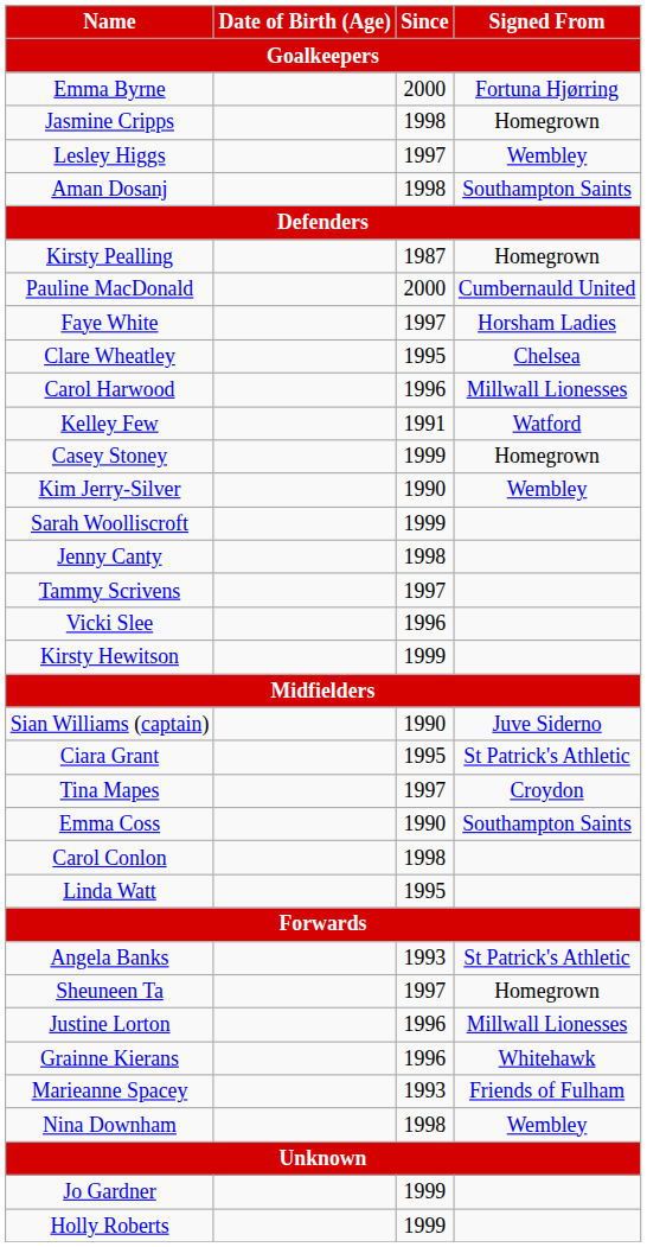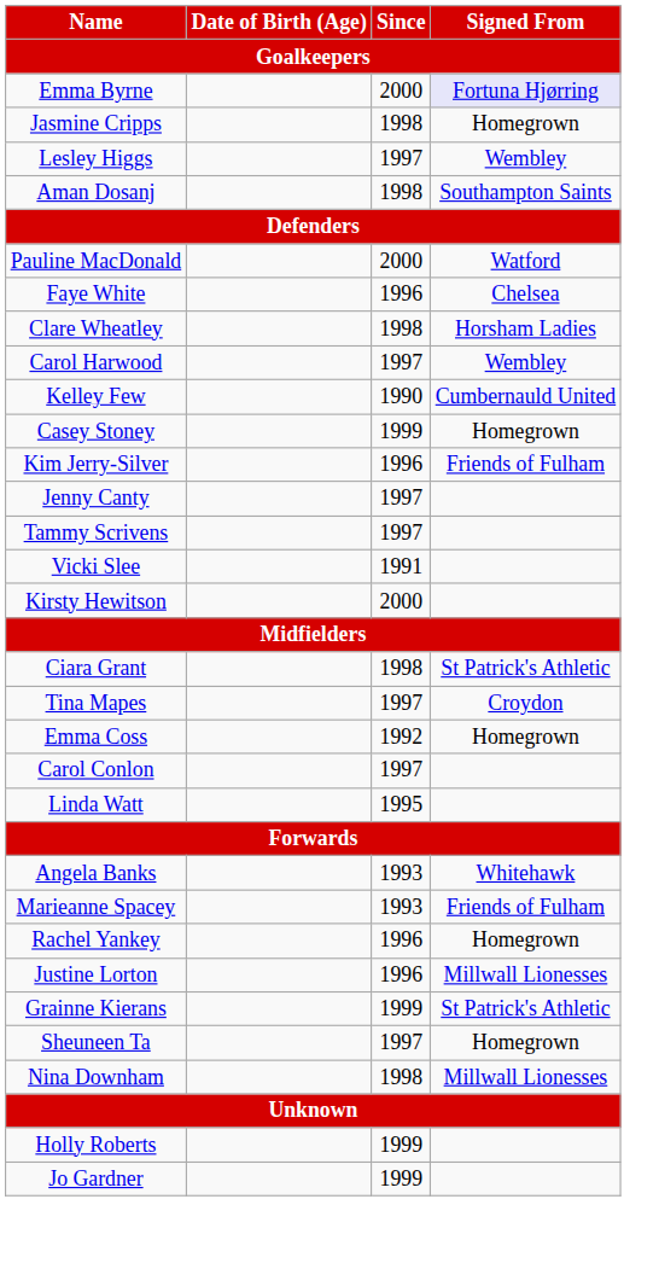 <table class="wikitable" style="text-align:center; font-size:100%; ">
 <tr>
 <th style="background:#d50000; color:white; text-align:center;">Name</th>
 <th style="background:#d50000; color:white; text-align:center;">Date of Birth (Age)</th>
 <th style="background:#d50000; color:white; text-align:center;">Since</th>
 <th style="background:#d50000; color:white; text-align:center;">Signed From</th>
 </tr>
 <tr>
 <th style="background:#d50000; color:white; text-align:center;" colspan="4">Goalkeepers</th>
 </tr>
 <tr>
 <td> <a href='#'>Emma Byrne</a></td>
 <td></td>
 <td>2000</td>
-<td> <a href='#'>Fortuna Hjørring</a></td>
+<td style="background: lavender;"> <a href='#'>Fortuna Hjørring</a></td>
 </tr>
 <tr>
 <td> <a href='#'>Jasmine Cripps</a></td>
 <td></td>
 <td>1998</td>
 <td>Homegrown</td>
 </tr>
 <tr>
 <td> <a href='#'>Lesley Higgs</a></td>
 <td></td>
 <td>1997</td>
 <td> <a href='#'>Wembley</a></td>
 </tr>
 <tr>
 <td> <a href='#'>Aman Dosanj</a></td>
 <td></td>
 <td>1998</td>
 <td><em></em> <a href='#'>Southampton Saints</a></td>
 </tr>
 <tr>
 <th style="background:#d50000; color:white; text-align:center;" colspan="4">Defenders</th>
 </tr>
 <tr>
-<td> <a href='#'>Kirsty Pealling</a></td>
-<td></td>
-<td>1987</td>
-<td>Homegrown</td>
-</tr>
-<tr>
 <td> <a href='#'>Pauline MacDonald</a></td>
 <td></td>
 <td>2000</td>
-<td> <a href='#'>Cumbernauld United</a></td>
+<td> <a href='#'>Watford</a></td>
 </tr>
 <tr>
 <td> <a href='#'>Faye White</a></td>
 <td></td>
-<td>1997</td>
-<td> <a href='#'>Horsham Ladies</a></td>
+<td>1996</td>
+<td> <a href='#'>Chelsea</a></td>
 </tr>
 <tr>
 <td> <a href='#'>Clare Wheatley</a></td>
 <td></td>
-<td>1995</td>
-<td> <a href='#'>Chelsea</a></td>
+<td>1998</td>
+<td> <a href='#'>Horsham Ladies</a></td>
 </tr>
 <tr>
 <td> <a href='#'>Carol Harwood</a></td>
 <td></td>
-<td>1996</td>
-<td><em></em> <a href='#'>Millwall Lionesses</a></td>
+<td>1997</td>
+<td> <a href='#'>Wembley</a></td>
 </tr>
 <tr>
 <td> <a href='#'>Kelley Few</a></td>
 <td></td>
-<td>1991</td>
-<td> <a href='#'>Watford</a></td>
+<td>1990</td>
+<td> <a href='#'>Cumbernauld United</a></td>
 </tr>
 <tr>
 <td> <a href='#'>Casey Stoney</a></td>
 <td></td>
 <td>1999</td>
 <td>Homegrown</td>
 </tr>
 <tr>
 <td> <a href='#'>Kim Jerry-Silver</a></td>
 <td></td>
-<td>1990</td>
-<td> <a href='#'>Wembley</a></td>
-</tr>
-<tr>
-<td> <a href='#'>Sarah Woolliscroft</a></td>
-<td></td>
-<td>1999</td>
-<td></td>
+<td>1996</td>
+<td><em></em> <a href='#'>Friends of Fulham</a></td>
 </tr>
 <tr>
 <td> <a href='#'>Jenny Canty</a></td>
 <td></td>
-<td>1998</td>
+<td>1997</td>
 <td></td>
 </tr>
 <tr>
 <td> <a href='#'>Tammy Scrivens</a></td>
 <td></td>
 <td>1997</td>
 <td></td>
 </tr>
 <tr>
 <td> <a href='#'>Vicki Slee</a></td>
 <td></td>
-<td>1996</td>
+<td>1991</td>
 <td></td>
 </tr>
 <tr>
 <td><a href='#'>Kirsty Hewitson</a></td>
 <td></td>
-<td>1999</td>
+<td>2000</td>
 <td></td>
 </tr>
 <tr>
 <th style="background:#d50000; color:white; text-align:center;" colspan="4">Midfielders</th>
 </tr>
 <tr>
-<td> <a href='#'>Sian Williams</a> (<a href='#'>captain</a>)</td>
-<td></td>
-<td>1990</td>
-<td> <a href='#'>Juve Siderno</a></td>
-</tr>
-<tr>
 <td> <a href='#'>Ciara Grant</a></td>
 <td></td>
-<td>1995</td>
+<td>1998</td>
 <td> <a href='#'>St Patrick's Athletic</a></td>
 </tr>
 <tr>
 <td> <a href='#'>Tina Mapes</a></td>
 <td></td>
 <td>1997</td>
 <td><em></em> <a href='#'>Croydon</a></td>
 </tr>
 <tr>
 <td> <a href='#'>Emma Coss</a></td>
 <td></td>
-<td>1990</td>
-<td><em></em> <a href='#'>Southampton Saints</a></td>
+<td>1992</td>
+<td>Homegrown</td>
 </tr>
 <tr>
 <td> <a href='#'>Carol Conlon</a></td>
 <td></td>
-<td>1998</td>
+<td>1997</td>
 <td></td>
 </tr>
 <tr>
 <td> <a href='#'>Linda Watt</a></td>
 <td></td>
 <td>1995</td>
 <td></td>
 </tr>
 <tr>
 <th style="background:#d50000; color:white; text-align:center;" colspan="4">Forwards</th>
 </tr>
 <tr>
 <td> <a href='#'>Angela Banks</a></td>
 <td></td>
 <td>1993</td>
-<td> <a href='#'>St Patrick's Athletic</a></td>
+<td><em></em> <a href='#'>Whitehawk</a></td>
 </tr>
 <tr>
-<td> <a href='#'>Sheuneen Ta</a></td>
+<td> <a href='#'>Marieanne Spacey</a></td>
 <td></td>
-<td>1997</td>
+<td>1993</td>
+<td><em></em> <a href='#'>Friends of Fulham</a></td>
+</tr>
+<tr>
+<td> <a href='#'>Rachel Yankey</a></td>
+<td></td>
+<td>1996</td>
 <td>Homegrown</td>
 </tr>
 <tr>
 <td> <a href='#'>Justine Lorton</a></td>
 <td></td>
 <td>1996</td>
 <td><em></em> <a href='#'>Millwall Lionesses</a></td>
 </tr>
 <tr>
 <td> <a href='#'>Grainne Kierans</a></td>
 <td></td>
-<td>1996</td>
-<td><em></em> <a href='#'>Whitehawk</a></td>
+<td>1999</td>
+<td> <a href='#'>St Patrick's Athletic</a></td>
 </tr>
 <tr>
-<td> <a href='#'>Marieanne Spacey</a></td>
+<td> <a href='#'>Sheuneen Ta</a></td>
 <td></td>
-<td>1993</td>
-<td><em></em> <a href='#'>Friends of Fulham</a></td>
+<td>1997</td>
+<td>Homegrown</td>
 </tr>
 <tr>
 <td> <a href='#'>Nina Downham</a></td>
 <td></td>
 <td>1998</td>
-<td> <a href='#'>Wembley</a></td>
+<td><em></em> <a href='#'>Millwall Lionesses</a></td>
 </tr>
 <tr>
 <th style="background:#d50000; color:white; text-align:center;" colspan="4">Unknown</th>
+</tr>
+<tr>
+<td><a href='#'>Holly Roberts</a></td>
+<td></td>
+<td>1999</td>
+<td></td>
 </tr>
 <tr>
 <td><a href='#'>Jo Gardner</a></td>
 <td></td>
 <td>1999</td>
 <td></td>
 </tr>
-<tr>
-<td><a href='#'>Holly Roberts</a></td>
-<td></td>
-<td>1999</td>
-<td></td>
-</tr>
 </table>
